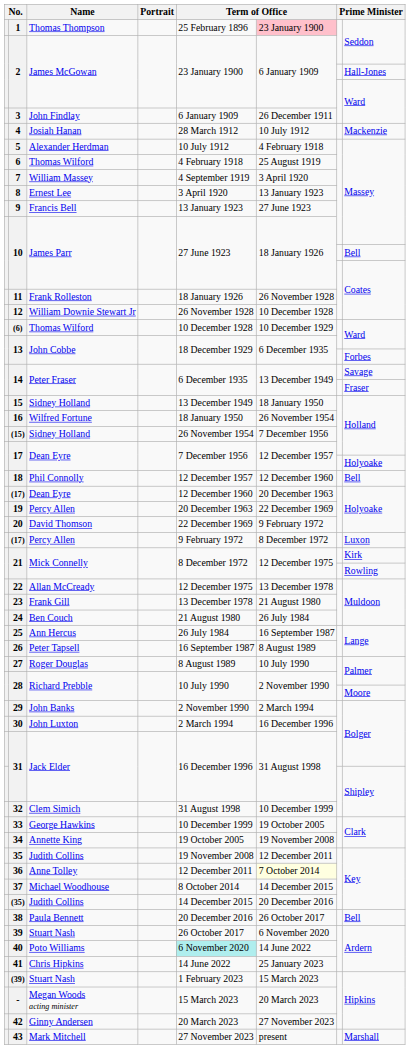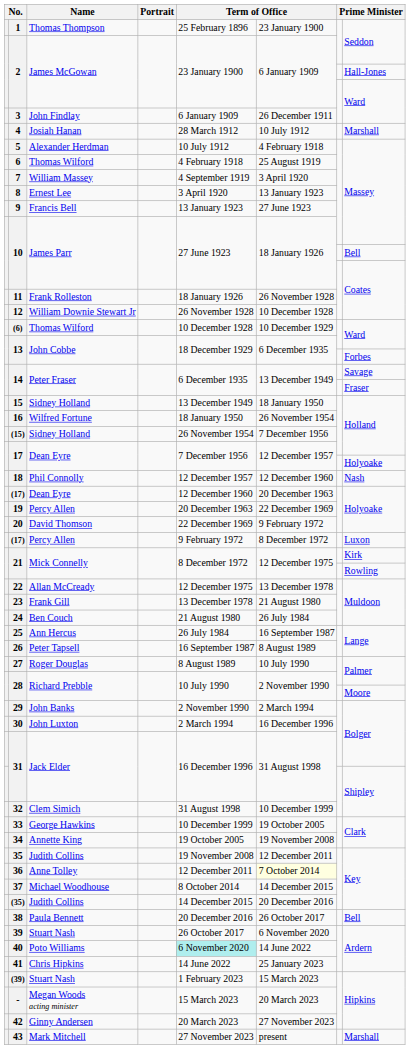 <table class="wikitable">
 <tr>
 <th colspan="2">No.</th>
 <th>Name</th>
 <th>Portrait</th>
 <th colspan="2">Term of Office</th>
 <th colspan="2">Prime Minister</th>
 </tr>
 <tr>
 <th style="color:inherit;background:"></th>
 <th>1</th>
 <td><a href='#'>Thomas Thompson</a></td>
 <td></td>
 <td>25 February 1896</td>
-<td style="background: pink;">23 January 1900</td>
+<td>23 January 1900</td>
 <td style="border-bottom:solid 0 grey; background:"></td>
 <td rowspan=2><a href='#'>Seddon</a></td>
 </tr>
 <tr>
 <th rowspan=3 style="color:inherit;background:"></th>
 <th rowspan=3>2</th>
 <td rowspan=3><a href='#'>James McGowan</a></td>
 <td rowspan=3></td>
 <td rowspan=3>23 January 1900</td>
 <td rowspan=3>6 January 1909</td>
 <td height=40 style="border-top:solid 0 grey; background:"></td>
 </tr>
 <tr>
 <td style="color:inherit;background:"></td>
 <td><a href='#'>Hall-Jones</a></td>
 </tr>
 <tr>
 <td height=40 style="border-bottom:solid 0 grey; background:"></td>
 <td rowspan=2><a href='#'>Ward</a></td>
 </tr>
 <tr>
 <th style="color:inherit;background:"></th>
 <th>3</th>
 <td><a href='#'>John Findlay</a></td>
 <td></td>
 <td>6 January 1909</td>
 <td>26 December 1911</td>
 <td style="border-top:solid 0 grey; background:"></td>
 </tr>
 <tr>
 <th style="color:inherit;background:"></th>
 <th>4</th>
 <td><a href='#'>Josiah Hanan</a></td>
 <td></td>
 <td>28 March 1912</td>
 <td>10 July 1912</td>
 <td style="color:inherit;background:"></td>
-<td><a href='#'>Mackenzie</a></td>
+<td><a href='#'>Marshall</a></td>
 </tr>
 <tr>
 <th style="color:inherit;background:"></th>
 <th>5</th>
 <td><a href='#'>Alexander Herdman</a></td>
 <td></td>
 <td>10 July 1912</td>
 <td>4 February 1918</td>
 <td rowspan=5 style="border-bottom:solid 0 grey; background:"></td>
 <td rowspan=6><a href='#'>Massey</a></td>
 </tr>
 <tr>
 <th style="color:inherit;background:"></th>
 <th>6</th>
 <td><a href='#'>Thomas Wilford</a></td>
 <td></td>
 <td>4 February 1918</td>
 <td>25 August 1919</td>
 </tr>
 <tr>
 <th style="color:inherit;background:"></th>
 <th>7</th>
 <td><a href='#'>William Massey</a></td>
 <td></td>
 <td>4 September 1919</td>
 <td>3 April 1920</td>
 </tr>
 <tr>
 <th style="color:inherit;background:"></th>
 <th>8</th>
 <td><a href='#'>Ernest Lee</a></td>
 <td></td>
 <td>3 April 1920</td>
 <td>13 January 1923</td>
 </tr>
 <tr>
 <th style="color:inherit;background:"></th>
 <th>9</th>
 <td><a href='#'>Francis Bell</a></td>
 <td></td>
 <td>13 January 1923</td>
 <td>27 June 1923</td>
 </tr>
 <tr>
 <th rowspan=3 style="color:inherit;background:"></th>
 <th rowspan=3>10</th>
 <td rowspan=3><a href='#'>James Parr</a></td>
 <td rowspan=3></td>
 <td rowspan=3>27 June 1923</td>
 <td rowspan=3>18 January 1926</td>
 <td height=40 style="border-top:solid 0 grey; background:"></td>
 </tr>
 <tr>
 <td style="color:inherit;background:"></td>
 <td><a href='#'>Bell</a></td>
 </tr>
 <tr>
 <td height=40 style="border-bottom:solid 0 grey; background:"></td>
 <td rowspan=3><a href='#'>Coates</a></td>
 </tr>
 <tr>
 <th style="color:inherit;background:"></th>
 <th>11</th>
 <td><a href='#'>Frank Rolleston</a></td>
 <td></td>
 <td>18 January 1926</td>
 <td>26 November 1928</td>
 <td rowspan=2 style="border-top:solid 0 grey; background:"></td>
 </tr>
 <tr>
 <th style="color:inherit;background:"></th>
 <th>12</th>
 <td><a href='#'>William Downie Stewart Jr</a></td>
 <td></td>
 <td>26 November 1928</td>
 <td>10 December 1928</td>
 </tr>
 <tr>
 <th style="color:inherit;background:"></th>
 <th><small>(6)</small></th>
 <td><a href='#'>Thomas Wilford</a></td>
 <td></td>
 <td>10 December 1928</td>
 <td>10 December 1929</td>
 <td rowspan="2" style="color:inherit;background:"></td>
 <td rowspan="2"><a href='#'>Ward</a></td>
 </tr>
 <tr>
 <th height=15 style="border-bottom:solid 0 grey; background:"></th>
 <th rowspan="2">13</th>
 <td rowspan="2"><a href='#'>John Cobbe</a></td>
 <td rowspan="2"></td>
 <td rowspan="2">18 December 1929</td>
 <td rowspan="2">6 December 1935</td>
 </tr>
 <tr>
 <th height=15 style="border-top:solid 0 grey; background:"></th>
 <td style="color:inherit;background:"></td>
 <td><a href='#'>Forbes</a></td>
 </tr>
 <tr>
 <th rowspan=2 style="color:inherit;background:"></th>
 <th rowspan=2>14</th>
 <td rowspan=2><a href='#'>Peter Fraser</a></td>
 <td rowspan=2></td>
 <td rowspan=2>6 December 1935</td>
 <td rowspan=2>13 December 1949</td>
 <td width=1 style="color:inherit;background:"></td>
 <td><a href='#'>Savage</a></td>
 </tr>
 <tr>
 <td style="color:inherit;background:"></td>
 <td><a href='#'>Fraser</a></td>
 </tr>
 <tr>
 <th style="color:inherit;background:"></th>
 <th>15</th>
 <td><a href='#'>Sidney Holland</a></td>
 <td></td>
 <td>13 December 1949</td>
 <td>18 January 1950</td>
 <td rowspan=4 style="color:inherit;background:"></td>
 <td rowspan=4><a href='#'>Holland</a></td>
 </tr>
 <tr>
 <th style="color:inherit;background:"></th>
 <th>16</th>
 <td><a href='#'>Wilfred Fortune</a></td>
 <td></td>
 <td>18 January 1950</td>
 <td>26 November 1954</td>
 </tr>
 <tr>
 <th style="color:inherit;background:"></th>
 <th><small>(15)</small></th>
 <td><a href='#'>Sidney Holland</a></td>
 <td></td>
 <td>26 November 1954</td>
 <td>7 December 1956</td>
 </tr>
 <tr>
 <th height=15 style="border-bottom:solid 0 grey; background:"></th>
 <th rowspan=2>17</th>
 <td rowspan=2><a href='#'>Dean Eyre</a></td>
 <td rowspan=2></td>
 <td rowspan=2>7 December 1956</td>
 <td rowspan=2>12 December 1957</td>
 </tr>
 <tr>
 <th height=15 style="border-top:solid 0 grey; background:"></th>
 <td style="color:inherit;background:"></td>
 <td><a href='#'>Holyoake</a></td>
 </tr>
 <tr>
 <th style="color:inherit;background:"></th>
 <th>18</th>
 <td><a href='#'>Phil Connolly</a></td>
 <td></td>
 <td>12 December 1957</td>
 <td>12 December 1960</td>
 <td style="color:inherit;background:"></td>
-<td><a href='#'>Bell</a></td>
+<td><a href='#'>Nash</a></td>
 </tr>
 <tr>
 <th style="color:inherit;background:"></th>
 <th><small>(17)</small></th>
 <td><a href='#'>Dean Eyre</a></td>
 <td></td>
 <td>12 December 1960</td>
 <td>20 December 1963</td>
 <td rowspan=3 style="color:inherit;background:"></td>
 <td rowspan=3><a href='#'>Holyoake</a></td>
 </tr>
 <tr>
 <th style="color:inherit;background:"></th>
 <th>19</th>
 <td><a href='#'>Percy Allen</a></td>
 <td></td>
 <td>20 December 1963</td>
 <td>22 December 1969</td>
 </tr>
 <tr>
 <th style="color:inherit;background:"></th>
 <th>20</th>
 <td><a href='#'>David Thomson</a></td>
 <td></td>
 <td>22 December 1969</td>
 <td>9 February 1972</td>
 </tr>
 <tr>
 <th style="color:inherit;background:"></th>
 <th><small>(17)</small></th>
 <td><a href='#'>Percy Allen</a></td>
 <td></td>
 <td>9 February 1972</td>
 <td>8 December 1972</td>
 <td style="color:inherit;background:"></td>
 <td><a href='#'>Luxon</a></td>
 </tr>
 <tr>
 <th rowspan=2 style="color:inherit;background:"></th>
 <th rowspan=2>21</th>
 <td rowspan=2><a href='#'>Mick Connelly</a></td>
 <td rowspan=2></td>
 <td rowspan=2>8 December 1972</td>
 <td rowspan=2>12 December 1975</td>
 <td style="color:inherit;background:"></td>
 <td><a href='#'>Kirk</a></td>
 </tr>
 <tr>
 <td style="color:inherit;background:"></td>
 <td><a href='#'>Rowling</a></td>
 </tr>
 <tr>
 <th style="color:inherit;background:"></th>
 <th>22</th>
 <td><a href='#'>Allan McCready</a></td>
 <td></td>
 <td>12 December 1975</td>
 <td>13 December 1978</td>
 <td rowspan=3 style="color:inherit;background:"></td>
 <td rowspan=3><a href='#'>Muldoon</a></td>
 </tr>
 <tr>
 <th style="color:inherit;background:"></th>
 <th>23</th>
 <td><a href='#'>Frank Gill</a></td>
 <td></td>
 <td>13 December 1978</td>
 <td>21 August 1980</td>
 </tr>
 <tr>
 <th style="color:inherit;background:"></th>
 <th>24</th>
 <td><a href='#'>Ben Couch</a></td>
 <td></td>
 <td>21 August 1980</td>
 <td>26 July 1984</td>
 </tr>
 <tr>
 <th style="color:inherit;background:"></th>
 <th>25</th>
 <td><a href='#'>Ann Hercus</a></td>
 <td></td>
 <td>26 July 1984</td>
 <td>16 September 1987</td>
 <td rowspan=2 style="color:inherit;background:"></td>
 <td rowspan=2><a href='#'>Lange</a></td>
 </tr>
 <tr>
 <th style="color:inherit;background:"></th>
 <th>26</th>
 <td><a href='#'>Peter Tapsell</a></td>
 <td></td>
 <td>16 September 1987</td>
 <td>8 August 1989</td>
 </tr>
 <tr>
 <th style="color:inherit;background:"></th>
 <th>27</th>
 <td><a href='#'>Roger Douglas</a></td>
 <td></td>
 <td>8 August 1989</td>
 <td>10 July 1990</td>
 <td rowspan=2 style="color:inherit;background:"></td>
 <td rowspan=2><a href='#'>Palmer</a></td>
 </tr>
 <tr>
 <th height=15 style="border-bottom:solid 0 grey; background:"></th>
 <th rowspan=2>28</th>
 <td rowspan=2><a href='#'>Richard Prebble</a></td>
 <td rowspan=2></td>
 <td rowspan=2>10 July 1990</td>
 <td rowspan=2>2 November 1990</td>
 </tr>
 <tr>
 <th height=15 style="border-top:solid 0 grey; background:"></th>
 <td style="color:inherit;background:"></td>
 <td><a href='#'>Moore</a></td>
 </tr>
 <tr>
 <th style="color:inherit;background:"></th>
 <th>29</th>
 <td><a href='#'>John Banks</a></td>
 <td></td>
 <td>2 November 1990</td>
 <td>2 March 1994</td>
 <td rowspan=3 style="color:inherit;background:"></td>
 <td rowspan=3><a href='#'>Bolger</a></td>
 </tr>
 <tr>
 <th style="color:inherit;background:"></th>
 <th>30</th>
 <td><a href='#'>John Luxton</a></td>
 <td></td>
 <td>2 March 1994</td>
 <td>16 December 1996</td>
 </tr>
 <tr>
 <th height=50 style="color:inherit;background:"></th>
 <th rowspan=2>31</th>
 <td rowspan=2><a href='#'>Jack Elder</a></td>
 <td rowspan=2></td>
 <td rowspan=2>16 December 1996</td>
 <td rowspan=2>31 August 1998</td>
 </tr>
 <tr>
 <th height=50 style="color:inherit;background:"></th>
 <td rowspan=2 style="color:inherit;background:"></td>
 <td rowspan=2><a href='#'>Shipley</a></td>
 </tr>
 <tr>
 <th style="color:inherit;background:"></th>
 <th>32</th>
 <td><a href='#'>Clem Simich</a></td>
 <td></td>
 <td>31 August 1998</td>
 <td>10 December 1999</td>
 </tr>
 <tr>
 <th style="color:inherit;background:"></th>
 <th>33</th>
 <td><a href='#'>George Hawkins</a></td>
 <td></td>
 <td>10 December 1999</td>
 <td>19 October 2005</td>
 <td rowspan=2 style="color:inherit;background:"></td>
 <td rowspan=2><a href='#'>Clark</a></td>
 </tr>
 <tr>
 <th style="color:inherit;background:"></th>
 <th>34</th>
 <td><a href='#'>Annette King</a></td>
 <td></td>
 <td>19 October 2005</td>
 <td>19 November 2008</td>
 </tr>
 <tr>
 <th style="color:inherit;background:"></th>
 <th>35</th>
 <td><a href='#'>Judith Collins</a></td>
 <td></td>
 <td>19 November 2008</td>
 <td>12 December 2011</td>
 <td rowspan=4 style="color:inherit;background:"></td>
 <td rowspan=4><a href='#'>Key</a></td>
 </tr>
 <tr>
 <th style="color:inherit;background:"></th>
 <th>36</th>
 <td><a href='#'>Anne Tolley</a></td>
 <td></td>
 <td>12 December 2011</td>
 <td style="background: lightyellow;">7 October 2014</td>
 </tr>
 <tr>
 <th style="color:inherit;background:"></th>
 <th>37</th>
 <td><a href='#'>Michael Woodhouse</a></td>
 <td></td>
 <td>8 October 2014</td>
 <td>14 December 2015</td>
 </tr>
 <tr>
 <th style="color:inherit;background:"></th>
 <th><small>(35)</small></th>
 <td><a href='#'>Judith Collins</a></td>
 <td></td>
 <td>14 December 2015</td>
 <td>20 December 2016</td>
 </tr>
 <tr>
 <th style="color:inherit;background:"></th>
 <th>38</th>
 <td><a href='#'>Paula Bennett</a></td>
 <td></td>
 <td>20 December 2016</td>
 <td>26 October 2017</td>
 <td style="color:inherit;background:"></td>
 <td><a href='#'>Bell</a></td>
 </tr>
 <tr>
 <th style="color:inherit;background:"></th>
 <th>39</th>
 <td><a href='#'>Stuart Nash</a></td>
 <td></td>
 <td>26 October 2017</td>
 <td>6 November 2020</td>
 <td rowspan=3 style="color:inherit;background:"></td>
 <td rowspan=3><a href='#'>Ardern</a></td>
 </tr>
 <tr>
 <th style="color:inherit;background:"></th>
 <th>40</th>
 <td><a href='#'>Poto Williams</a></td>
 <td></td>
 <td style="background: paleturquoise;">6 November 2020</td>
 <td>14 June 2022</td>
 </tr>
 <tr>
 <th style="color:inherit;background:"></th>
 <th>41</th>
 <td><a href='#'>Chris Hipkins</a></td>
 <td></td>
 <td>14 June 2022</td>
 <td>25 January 2023</td>
 </tr>
 <tr>
 <th style="color:inherit;background:"></th>
 <th><small>(39)</small></th>
 <td><a href='#'>Stuart Nash</a></td>
 <td></td>
 <td>1 February 2023</td>
 <td>15 March 2023</td>
 <td rowspan=3 style="color:inherit;background:"></td>
 <td rowspan=3><a href='#'>Hipkins</a></td>
 </tr>
 <tr>
 <th style="color:inherit;background:"></th>
 <th>-</th>
 <td><a href='#'>Megan Woods</a><br><small><em>acting minister</em></small></td>
 <td></td>
 <td>15 March 2023</td>
 <td>20 March 2023</td>
 </tr>
 <tr>
 <th style="color:inherit;background:"></th>
 <th>42</th>
 <td><a href='#'>Ginny Andersen</a></td>
 <td></td>
 <td>20 March 2023</td>
 <td>27 November 2023</td>
 </tr>
 <tr>
 <th style="color:inherit;background:"></th>
 <th>43</th>
 <td><a href='#'>Mark Mitchell</a></td>
 <td></td>
 <td>27 November 2023</td>
 <td>present</td>
 <td style="color:inherit;background:"></td>
 <td><a href='#'>Marshall</a></td>
 </tr>
 </table>
